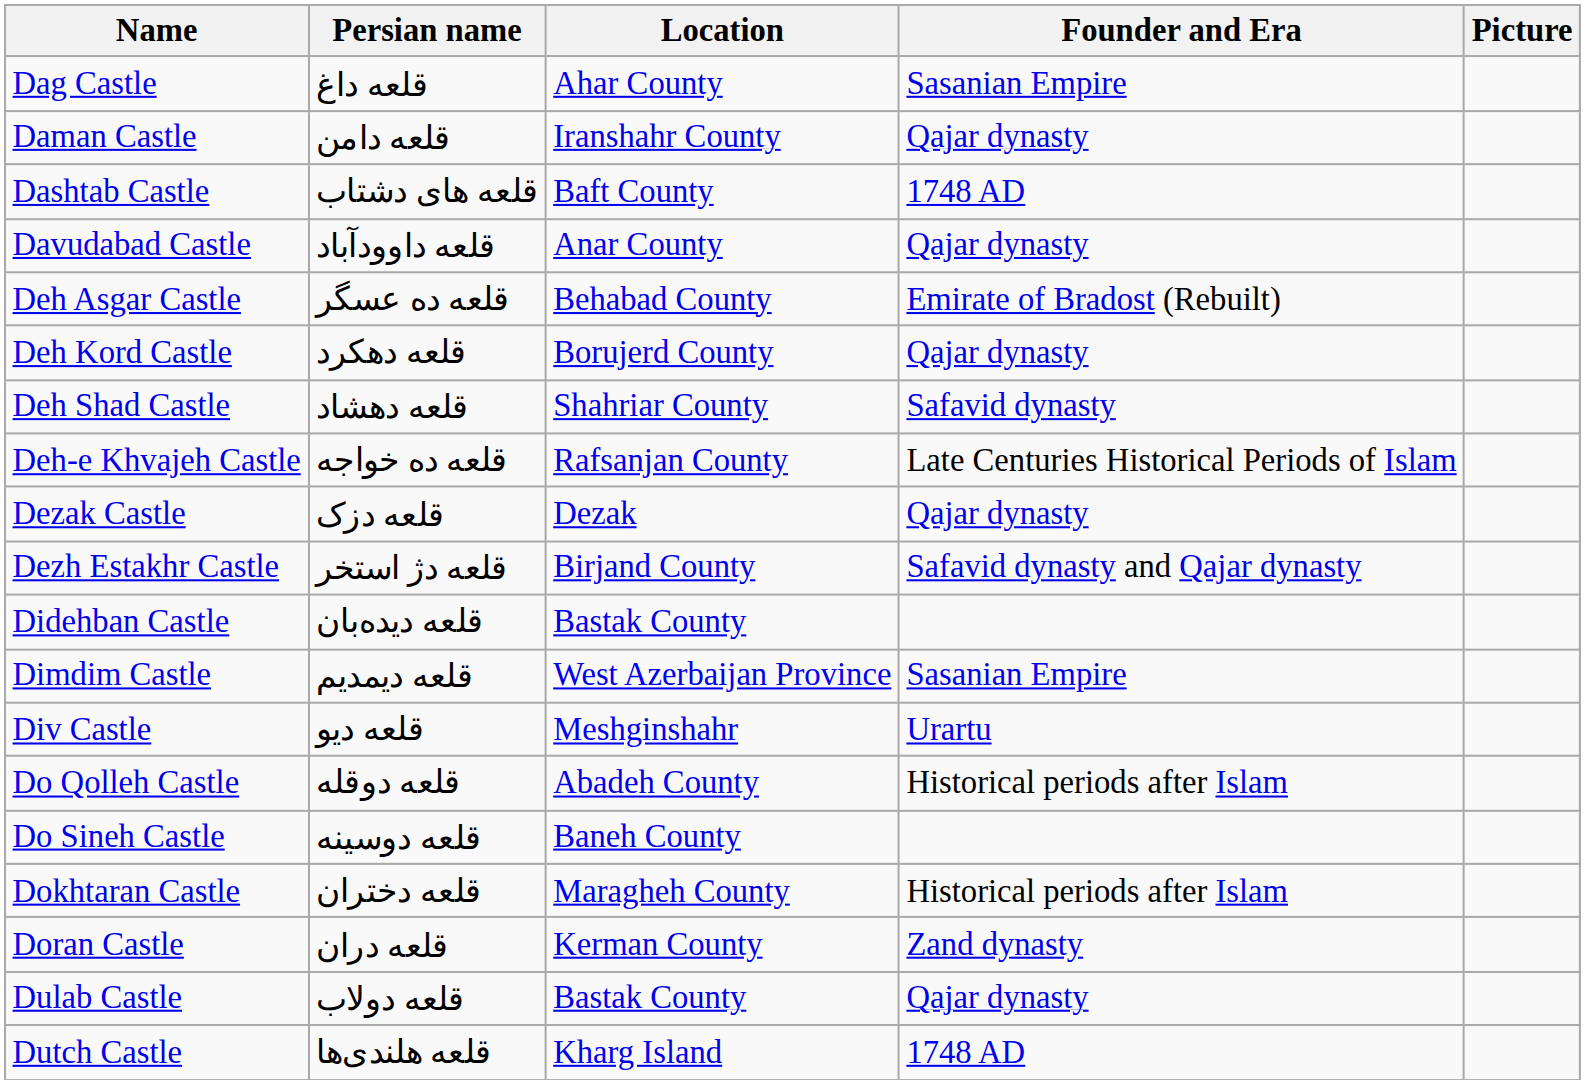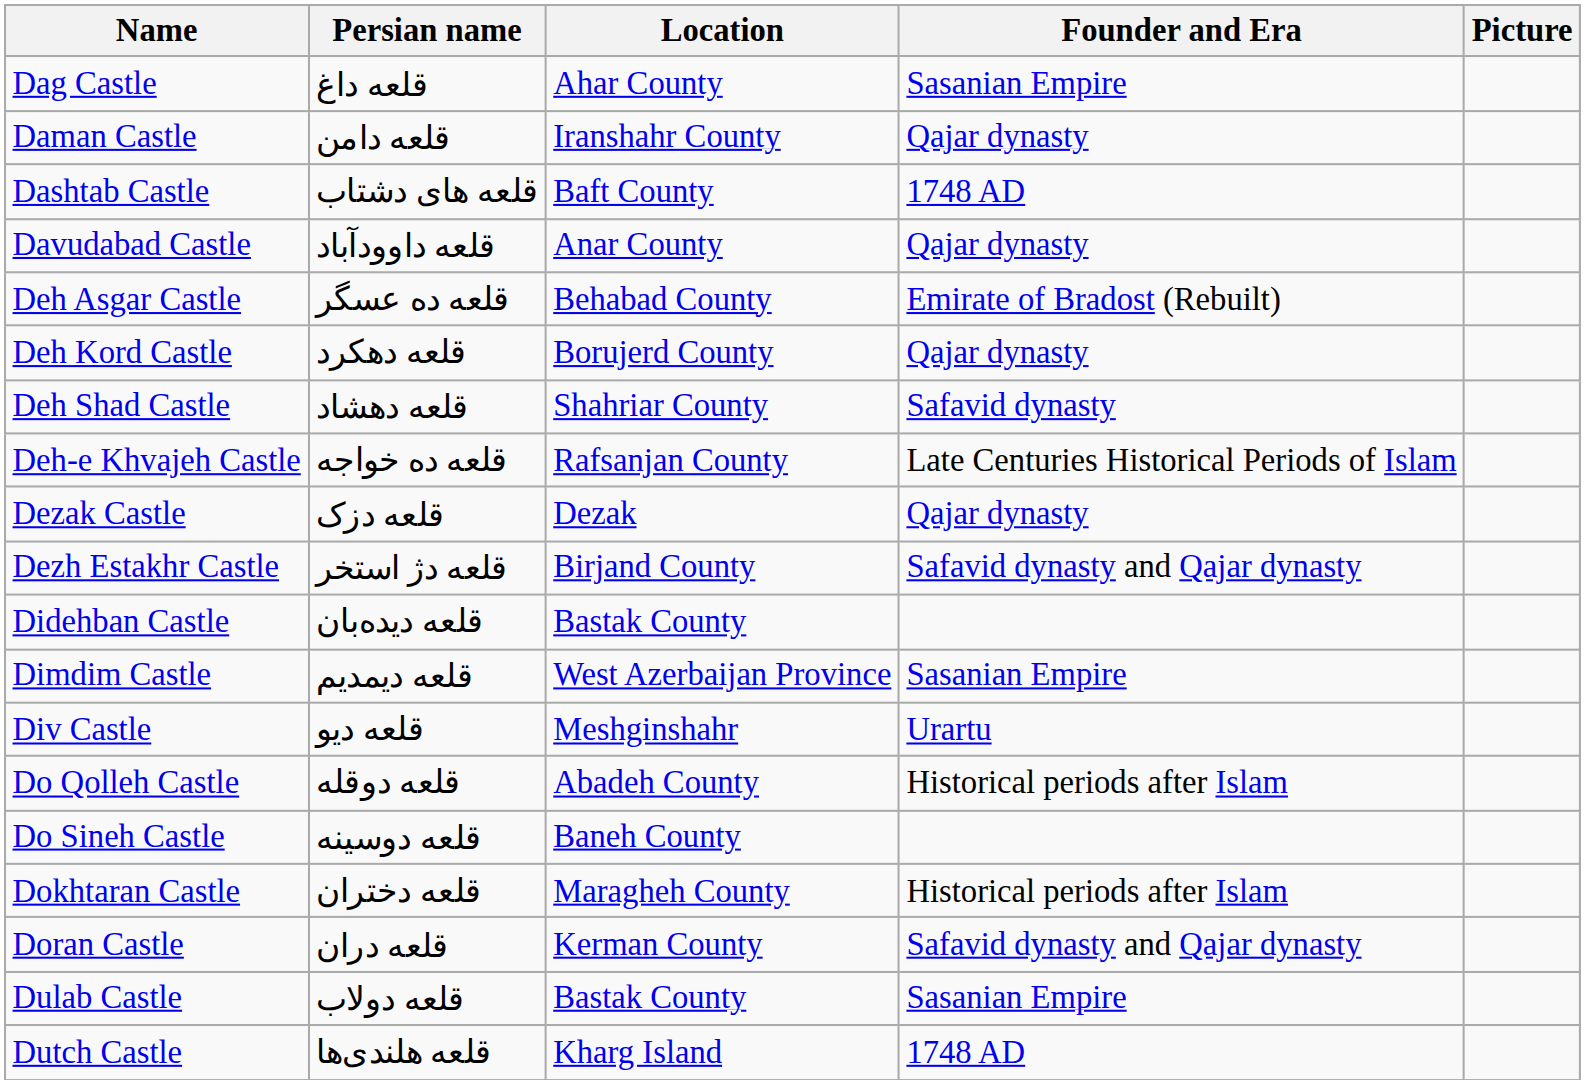 <table class="wikitable">
 <tr>
 <th>Name</th>
 <th>Persian name</th>
 <th>Location</th>
 <th>Founder and Era</th>
 <th>Picture</th>
 </tr>
 <tr>
 <td><a href='#'>Dag Castle</a></td>
 <td>قلعه داغ</td>
 <td><a href='#'>Ahar County</a></td>
 <td><a href='#'>Sasanian Empire</a></td>
 <td></td>
 </tr>
 <tr>
 <td><a href='#'>Daman Castle</a></td>
 <td>قلعه دامن</td>
 <td><a href='#'>Iranshahr County</a></td>
 <td><a href='#'>Qajar dynasty</a></td>
 <td></td>
 </tr>
 <tr>
 <td><a href='#'>Dashtab Castle</a></td>
 <td>قلعه های دشتاب</td>
 <td><a href='#'>Baft County</a></td>
 <td><a href='#'>1748 AD</a></td>
 <td></td>
 </tr>
 <tr>
 <td><a href='#'>Davudabad Castle</a></td>
 <td>قلعه داوودآباد</td>
 <td><a href='#'>Anar County</a></td>
 <td><a href='#'>Qajar dynasty</a></td>
 <td align="center"></td>
 </tr>
 <tr>
 <td><a href='#'>Deh Asgar Castle</a></td>
 <td>قلعه ده عسگر</td>
 <td><a href='#'>Behabad County</a></td>
 <td><a href='#'>Emirate of Bradost</a> (Rebuilt)</td>
 <td></td>
 </tr>
 <tr>
 <td><a href='#'>Deh Kord Castle</a></td>
 <td>قلعه دهکرد</td>
 <td><a href='#'>Borujerd County</a></td>
 <td><a href='#'>Qajar dynasty</a></td>
 <td></td>
 </tr>
 <tr>
 <td><a href='#'>Deh Shad Castle</a></td>
 <td>قلعه دهشاد</td>
 <td><a href='#'>Shahriar County</a></td>
 <td><a href='#'>Safavid dynasty</a></td>
 <td></td>
 </tr>
 <tr>
 <td><a href='#'>Deh-e Khvajeh Castle</a></td>
 <td>قلعه ده خواجه</td>
 <td><a href='#'>Rafsanjan County</a></td>
 <td>Late Centuries Historical Periods of <a href='#'>Islam</a></td>
 <td></td>
 </tr>
 <tr>
 <td><a href='#'>Dezak Castle</a></td>
 <td>قلعه دزک</td>
 <td><a href='#'>Dezak</a></td>
 <td><a href='#'>Qajar dynasty</a></td>
 <td align="center"></td>
 </tr>
 <tr>
 <td><a href='#'>Dezh Estakhr Castle</a></td>
 <td>قلعه دژ استخر</td>
 <td><a href='#'>Birjand County</a></td>
 <td><a href='#'>Safavid dynasty</a> and <a href='#'>Qajar dynasty</a></td>
 <td></td>
 </tr>
 <tr>
 <td><a href='#'>Didehban Castle</a></td>
 <td>قلعه دیده‌بان</td>
 <td><a href='#'>Bastak County</a></td>
 <td></td>
 <td></td>
 </tr>
 <tr>
 <td><a href='#'>Dimdim Castle</a></td>
 <td>قلعه دیمدیم</td>
 <td><a href='#'>West Azerbaijan Province</a></td>
 <td><a href='#'>Sasanian Empire</a></td>
 <td></td>
 </tr>
 <tr>
 <td><a href='#'>Div Castle</a></td>
 <td>قلعه دیو</td>
 <td><a href='#'>Meshginshahr</a></td>
 <td><a href='#'>Urartu</a></td>
 <td align="center"></td>
 </tr>
 <tr>
 <td><a href='#'>Do Qolleh Castle</a></td>
 <td>قلعه دوقله</td>
 <td><a href='#'>Abadeh County</a></td>
 <td>Historical periods after <a href='#'>Islam</a></td>
 <td></td>
 </tr>
 <tr>
 <td><a href='#'>Do Sineh Castle</a></td>
 <td>قلعه دوسینه</td>
 <td><a href='#'>Baneh County</a></td>
 <td></td>
 <td></td>
 </tr>
 <tr>
 <td><a href='#'>Dokhtaran Castle</a></td>
 <td>قلعه دختران</td>
 <td><a href='#'>Maragheh County</a></td>
 <td>Historical periods after <a href='#'>Islam</a></td>
 <td></td>
 </tr>
 <tr>
 <td><a href='#'>Doran Castle</a></td>
 <td>قلعه دران</td>
 <td><a href='#'>Kerman County</a></td>
-<td><a href='#'>Zand dynasty</a></td>
+<td><a href='#'>Safavid dynasty</a> and <a href='#'>Qajar dynasty</a></td>
 <td></td>
 </tr>
 <tr>
 <td><a href='#'>Dulab Castle</a></td>
 <td>قلعه دولاب</td>
 <td><a href='#'>Bastak County</a></td>
-<td><a href='#'>Qajar dynasty</a></td>
+<td><a href='#'>Sasanian Empire</a></td>
 <td></td>
 </tr>
 <tr>
 <td><a href='#'>Dutch Castle</a></td>
 <td>قلعه هلندی‌ها</td>
 <td><a href='#'>Kharg Island</a></td>
 <td><a href='#'>1748 AD</a></td>
 <td></td>
 </tr>
 </table>
